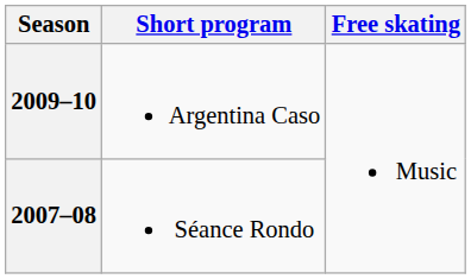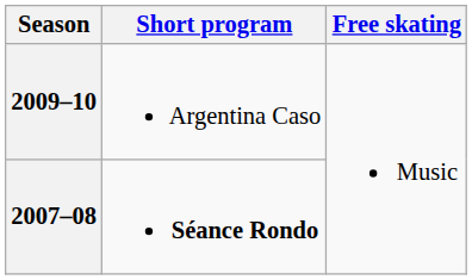 <table class=wikitable style=text-align:center>
 <tr>
 <th>Season</th>
 <th><a href='#'>Short program</a></th>
 <th><a href='#'>Free skating</a></th>
 </tr>
 <tr>
 <th>2009–10 <br> </th>
 <td><br><ul><li>Argentina Caso</li></ul></td>
 <td rowspan=2><br><ul><li>Music <br></li></ul></td>
 </tr>
 <tr>
 <th>2007–08 <br> </th>
-<td><br><ul><li>Séance Rondo</li></ul></td>
+<td><strong><br><ul><li>Séance Rondo</li></ul></strong></td>
 </tr>
 </table>
